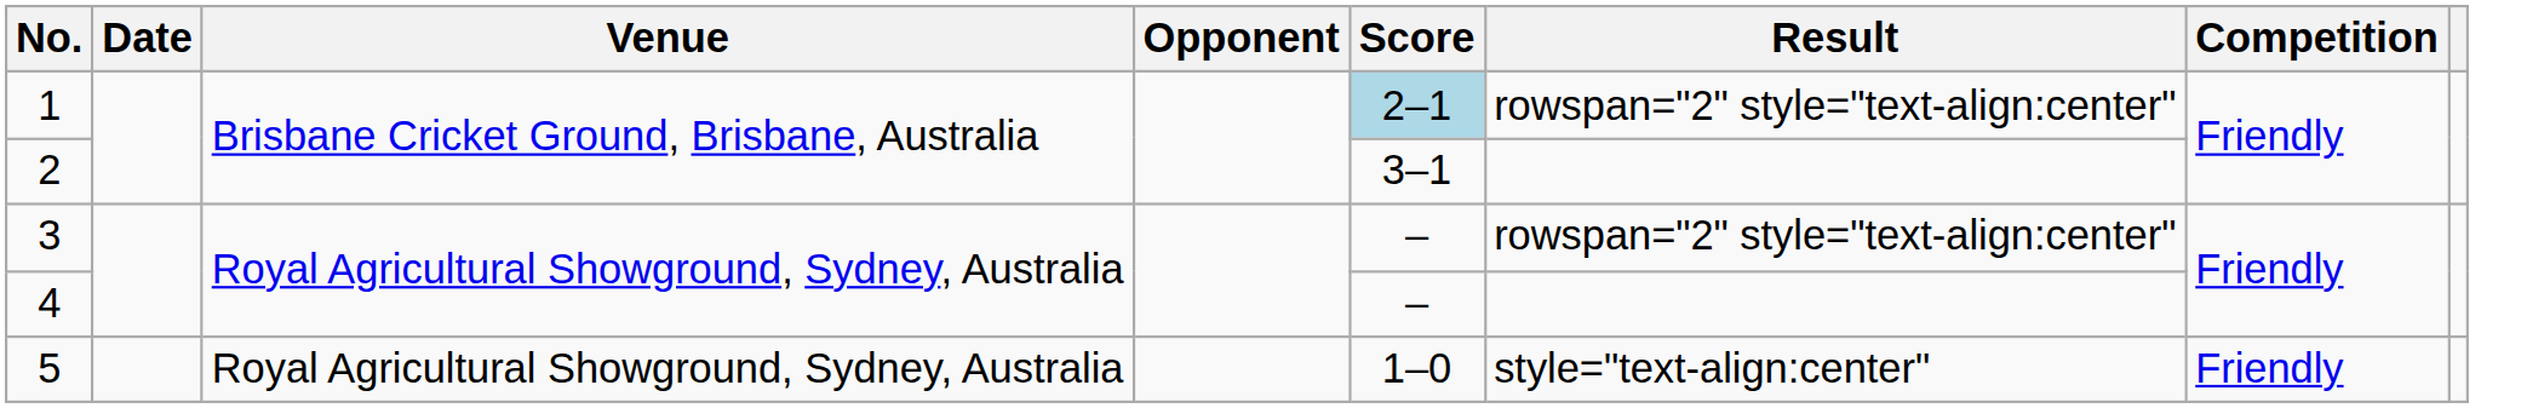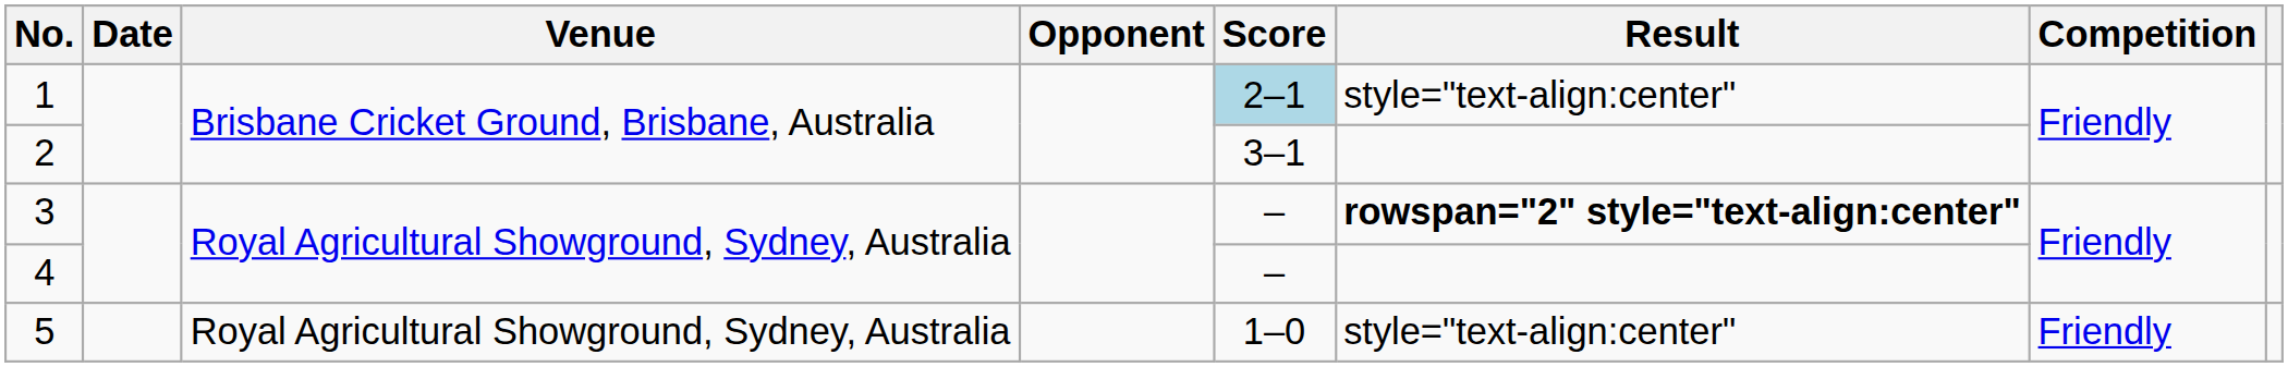 <table class="wikitable sortable">
 <tr>
 <th scope="col">No.</th>
 <th scope="col">Date</th>
 <th scope="col">Venue</th>
 <th scope="col">Opponent</th>
 <th scope="col">Score</th>
 <th scope="col">Result</th>
 <th scope="col">Competition</th>
 <th scope="col" class="unsortable"></th>
 </tr>
 <tr>
 <td style="text-align:center">1</td>
 <td rowspan="2"></td>
 <td rowspan="2"><a href='#'>Brisbane Cricket Ground</a>, <a href='#'>Brisbane</a>, Australia</td>
 <td rowspan="2"></td>
 <td style="background: lightblue; text-align:center">2–1</td>
-<td>rowspan="2" style="text-align:center" </td>
+<td>style="text-align:center" </td>
 <td rowspan="2"><a href='#'>Friendly</a></td>
 <td rowspan="2"></td>
 </tr>
 <tr>
 <td style="text-align:center">2</td>
 <td style="text-align:center">3–1</td>
 </tr>
 <tr>
 <td style="text-align:center">3</td>
 <td rowspan="2"></td>
 <td rowspan="2"><a href='#'>Royal Agricultural Showground</a>, <a href='#'>Sydney</a>, Australia</td>
 <td rowspan="2"></td>
 <td style="text-align:center">–</td>
-<td>rowspan="2" style="text-align:center" </td>
+<td><strong>rowspan="2" style="text-align:center" </strong></td>
 <td rowspan="2"><a href='#'>Friendly</a></td>
 <td rowspan="2"></td>
 </tr>
 <tr>
 <td style="text-align:center">4</td>
 <td style="text-align:center">–</td>
 </tr>
 <tr>
 <td style="text-align:center">5</td>
 <td></td>
 <td>Royal Agricultural Showground, Sydney, Australia</td>
 <td></td>
 <td style="text-align:center">1–0</td>
 <td>style="text-align:center" </td>
 <td><a href='#'>Friendly</a></td>
 <td></td>
 </tr>
 </table>
